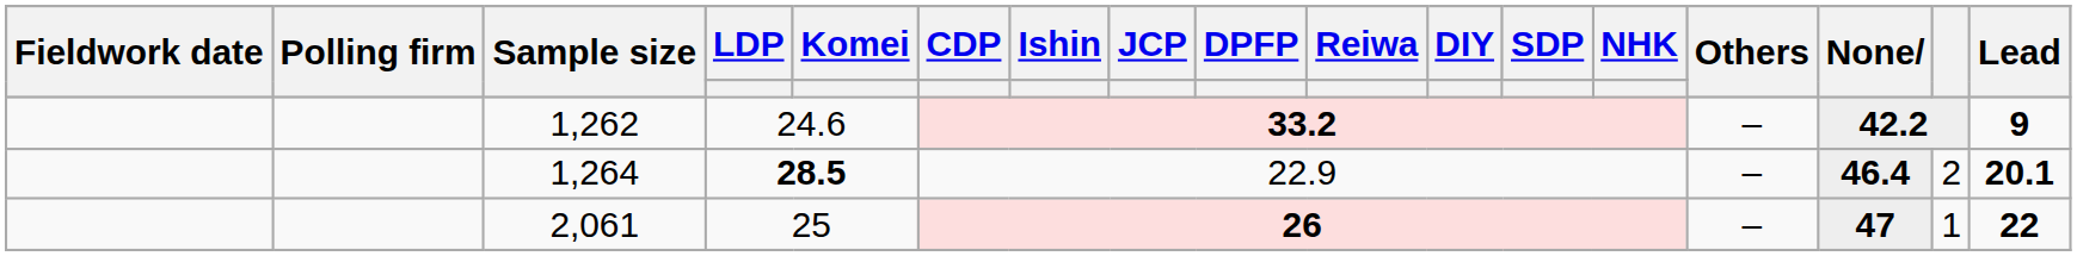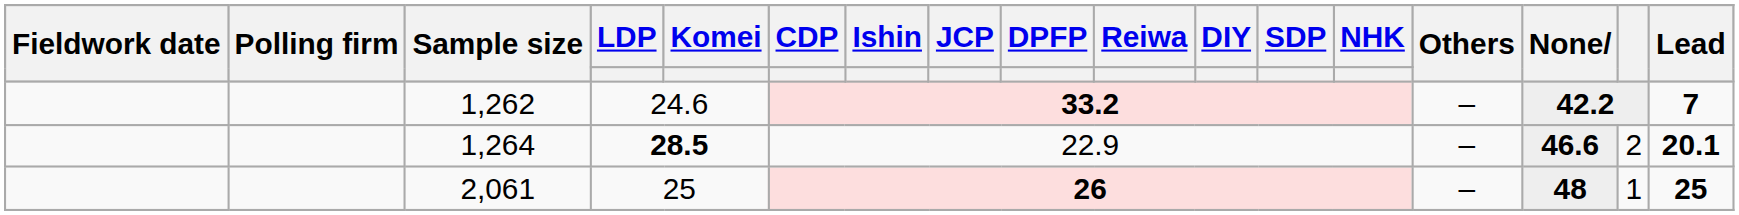 <table class="wikitable mw-datatable sortable mw-collapsible" style="text-align:center;font-size:90%;line-height:14px;">
 <tr style="height:30px; background-color:#8B8B8B">
 <th rowspan="2" class="unsortable">Fieldwork date</th>
 <th rowspan="2" class="unsortable">Polling firm</th>
 <th rowspan="2" class="unsortable">Sample size</th>
 <th class="unsortable"><a href='#'>LDP</a></th>
 <th class="unsortable"><a href='#'>Komei</a></th>
 <th class="unsortable"><a href='#'>CDP</a></th>
 <th class="unsortable"><a href='#'>Ishin</a></th>
 <th class="unsortable"><a href='#'>JCP</a></th>
 <th class="unsortable"><a href='#'>DPFP</a></th>
 <th class="unsortable"><a href='#'>Reiwa</a></th>
 <th class="unsortable"><a href='#'>DIY</a></th>
 <th class="unsortable"><a href='#'>SDP</a></th>
 <th class="unsortable"><a href='#'>NHK</a></th>
 <th rowspan="2" class="unsortable">Others</th>
 <th rowspan="2" class="unsortable">None/</th>
 <th rowspan="2" class="unsortable"></th>
 <th rowspan="2" class="unsortable">Lead</th>
 </tr>
 <tr>
 <th data-sort-type="number" style="background:"></th>
 <th data-sort-type="number" style="background:"></th>
 <th data-sort-type="number" style="background:"></th>
 <th data-sort-type="number" style="background:"></th>
 <th data-sort-type="number" style="background:"></th>
 <th data-sort-type="number" style="background:"></th>
 <th data-sort-type="number" style="background:"></th>
 <th data-sort-type="number" style="background:"></th>
 <th data-sort-type="number" style="background:"></th>
 <th data-sort-type="number" style="background:"></th>
 </tr>
 <tr>
 <td></td>
 <td></td>
 <td>1,262</td>
 <td colspan="2">24.6</td>
 <td colspan="8" style="background:#FDDEDE"><strong>33.2</strong></td>
 <td>–</td>
 <td colspan="2" style="background:#EEEEEE;"><strong>42.2</strong></td>
-<td style="background:"><strong>9</strong></td>
+<td style="background:"><strong>7</strong></td>
 </tr>
 <tr>
 <td></td>
 <td></td>
 <td>1,264</td>
 <td colspan="2" ><strong>28.5</strong></td>
 <td colspan="8">22.9</td>
 <td>–</td>
-<td style="background:#EEEEEE;"><strong>46.4</strong></td>
+<td style="background:#EEEEEE;"><strong>46.6</strong></td>
 <td>2</td>
 <td style="background:"><strong>20.1</strong></td>
 </tr>
 <tr>
 <td></td>
 <td></td>
 <td>2,061</td>
 <td colspan="2">25</td>
 <td colspan="8" style="background:#FDDEDE"><strong>26</strong></td>
 <td>–</td>
-<td style="background:#EEEEEE;"><strong>47</strong></td>
+<td style="background:#EEEEEE;"><strong>48</strong></td>
 <td>1</td>
-<td style="background:"><strong>22</strong></td>
+<td style="background:"><strong>25</strong></td>
 </tr>
 </table>
